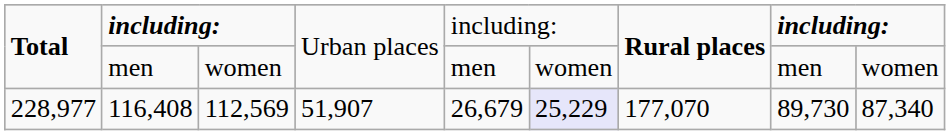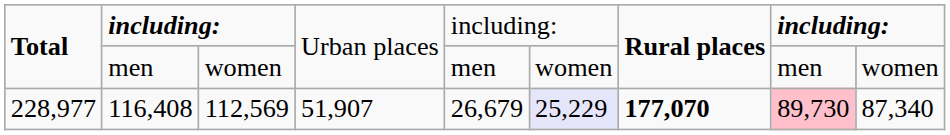 <table class="wikitable">
 <tr>
 <td rowspan="2"><strong>Total</strong></td>
 <td colspan="2"><strong><em>including<em>:<strong></td>
 <td rowspan="2"></strong>Urban  places<strong></td>
 <td colspan="2"></em></strong>including</em>:</strong></td>
 <td rowspan="2"><strong>Rural  places</strong></td>
 <td colspan="2"><strong><em>including<em>:<strong></td>
 </tr>
 <tr>
 <td></strong>men<strong></td>
 <td></strong>women<strong></td>
 <td></strong>men<strong></td>
 <td></strong>women<strong></td>
 <td></strong>men<strong></td>
 <td></strong>women<strong></td>
 </tr>
 <tr>
 <td>228,977</td>
 <td>116,408</td>
 <td>112,569</td>
 <td>51,907</td>
 <td>26,679</td>
 <td style="background: lavender;">25,229</td>
-<td>177,070</td>
-<td>89,730</td>
+<td><strong>177,070</strong></td>
+<td style="background: pink;">89,730</td>
 <td>87,340</td>
 </tr>
 </table>
